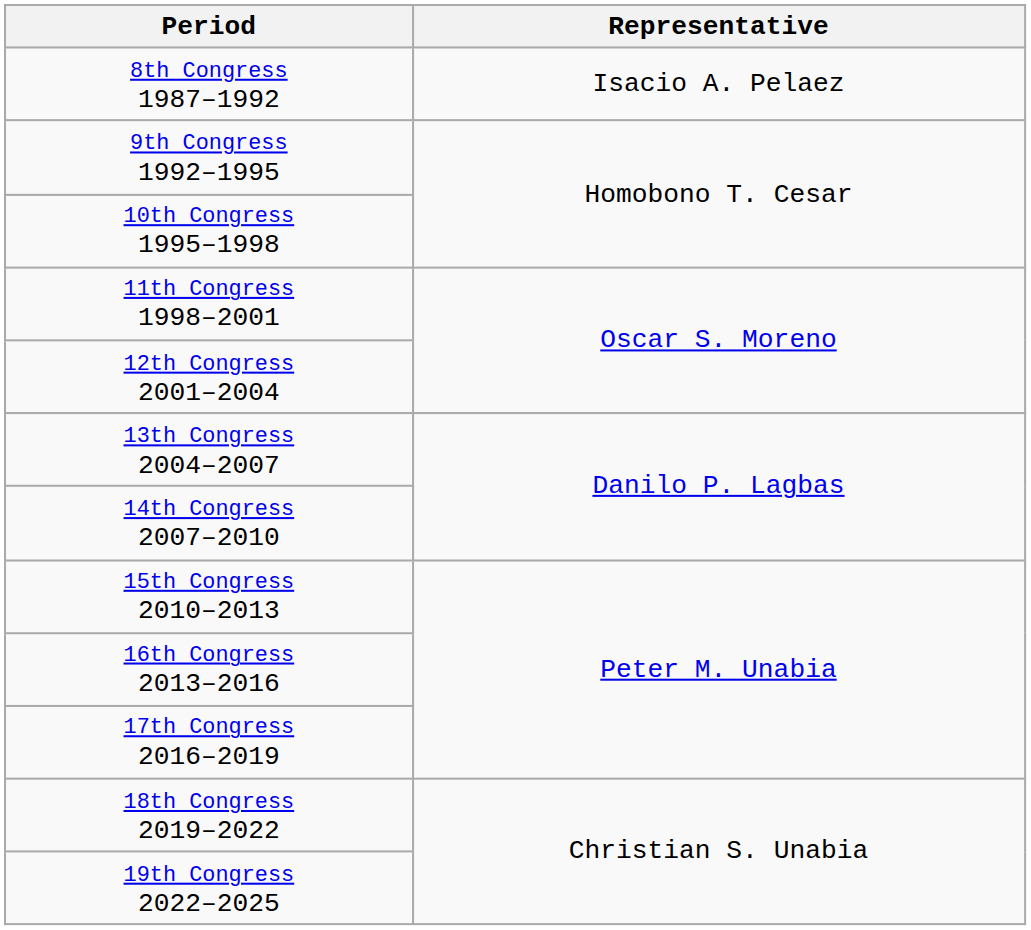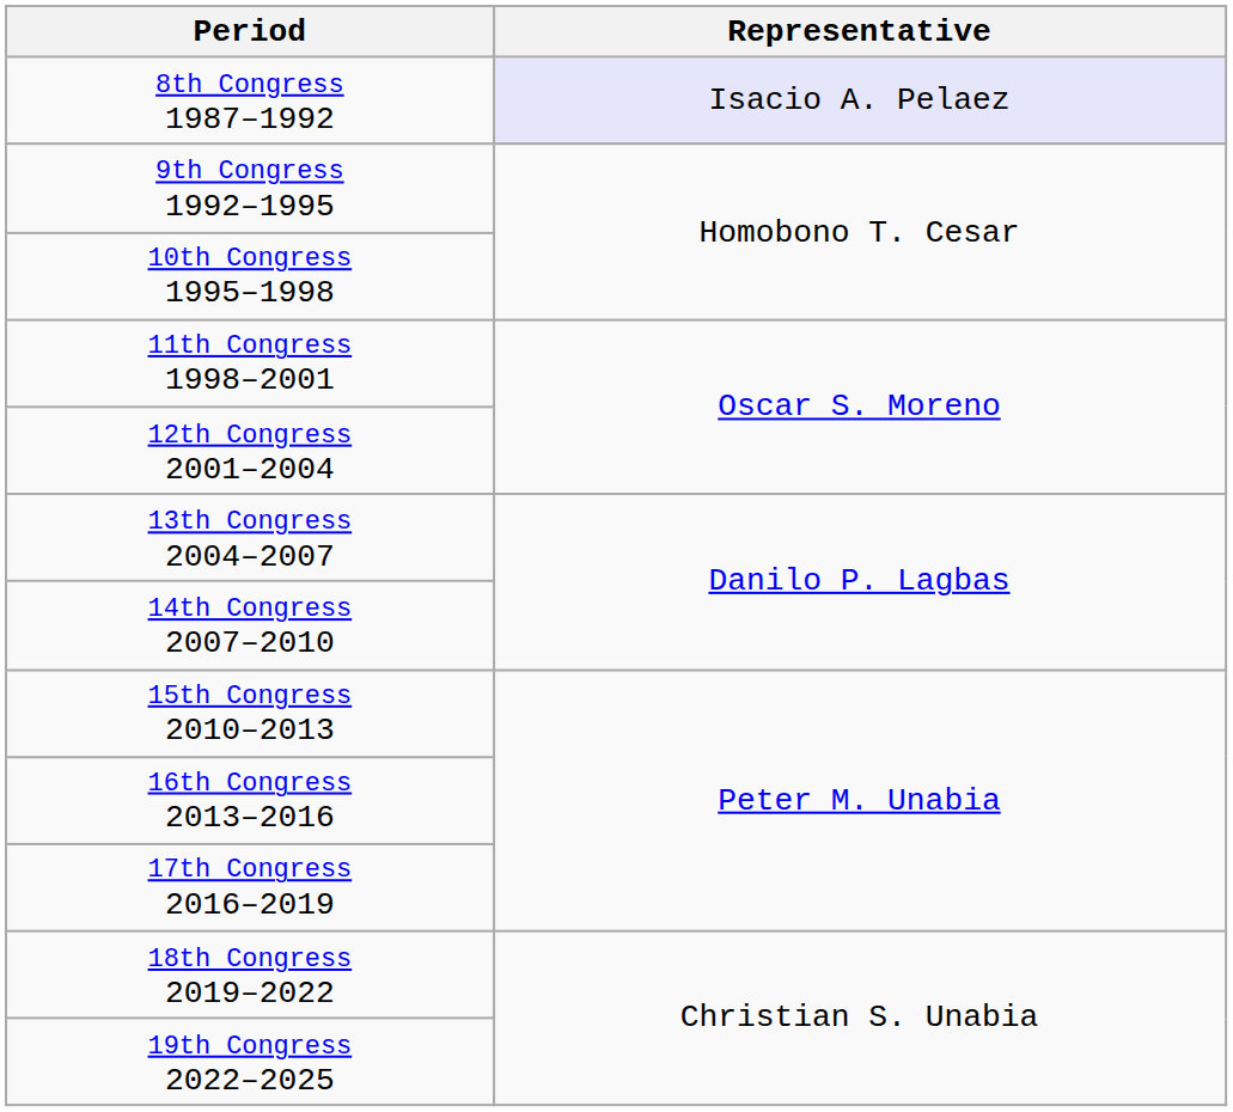 <table class="wikitable" style="text-align:center; width:40%;">
 <tr>
 <th width="40%">Period</th>
 <th>Representative</th>
 </tr>
 <tr>
 <td><small><a href='#'>8th Congress</a></small><br>1987–1992</td>
-<td>Isacio A. Pelaez</td>
+<td style="background: lavender;">Isacio A. Pelaez</td>
 </tr>
 <tr>
 <td><small><a href='#'>9th Congress</a></small><br>1992–1995</td>
 <td rowspan="2">Homobono T. Cesar</td>
 </tr>
 <tr>
 <td><small><a href='#'>10th Congress</a></small><br>1995–1998</td>
 </tr>
 <tr>
 <td><small><a href='#'>11th Congress</a></small><br>1998–2001</td>
 <td rowspan="2"><a href='#'>Oscar S. Moreno</a></td>
 </tr>
 <tr>
 <td><small><a href='#'>12th Congress</a></small><br>2001–2004</td>
 </tr>
 <tr>
 <td><small><a href='#'>13th Congress</a></small><br>2004–2007</td>
 <td rowspan="2"><a href='#'>Danilo P. Lagbas</a></td>
 </tr>
 <tr>
 <td><small><a href='#'>14th Congress</a></small><br>2007–2010</td>
 </tr>
 <tr>
 <td><small><a href='#'>15th Congress</a></small><br>2010–2013</td>
 <td rowspan="3"><a href='#'>Peter M. Unabia</a></td>
 </tr>
 <tr>
 <td><small><a href='#'>16th Congress</a></small><br>2013–2016</td>
 </tr>
 <tr>
 <td><small><a href='#'>17th Congress</a></small><br>2016–2019</td>
 </tr>
 <tr>
 <td><small><a href='#'>18th Congress</a></small><br>2019–2022</td>
 <td rowspan="2">Christian S. Unabia</td>
 </tr>
 <tr>
 <td><small><a href='#'>19th Congress</a></small><br>2022–2025</td>
 </tr>
 </table>
